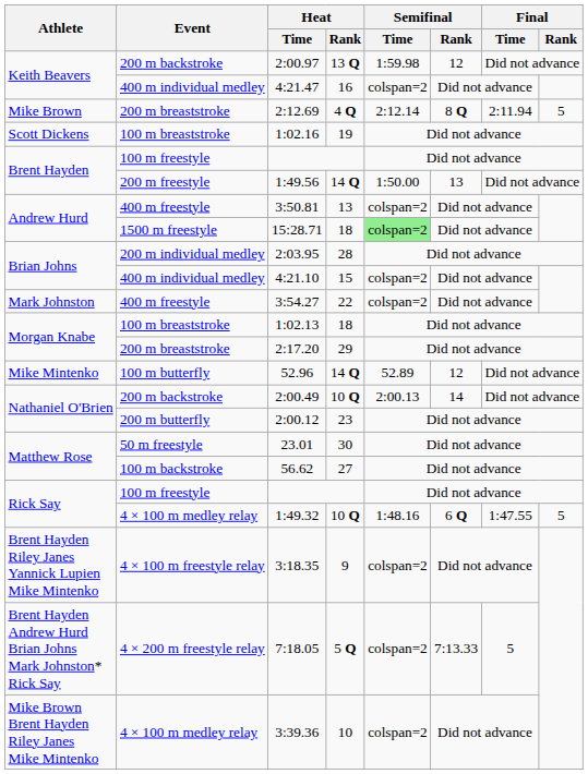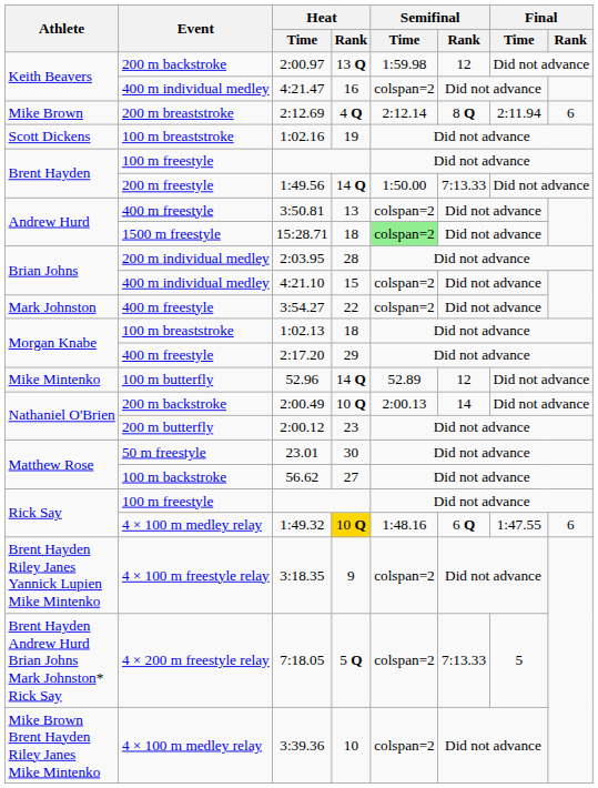 <table class=wikitable style="font-size:90%">
 <tr>
 <th rowspan=2>Athlete</th>
 <th rowspan=2>Event</th>
 <th colspan="2">Heat</th>
 <th colspan="2">Semifinal</th>
 <th colspan="2">Final</th>
 </tr>
 <tr style="font-size:95%">
 <th>Time</th>
 <th>Rank</th>
 <th>Time</th>
 <th>Rank</th>
 <th>Time</th>
 <th>Rank</th>
 </tr>
 <tr align=center>
 <td align=left rowspan=2><a href='#'>Keith Beavers</a></td>
 <td align=left><a href='#'>200 m backstroke</a></td>
 <td>2:00.97</td>
 <td>13 <strong>Q</strong></td>
 <td>1:59.98</td>
 <td>12</td>
 <td colspan=2>Did not advance</td>
 </tr>
 <tr align=center>
 <td align=left><a href='#'>400 m individual medley</a></td>
 <td>4:21.47</td>
 <td>16</td>
 <td>colspan=2 </td>
 <td colspan=2>Did not advance</td>
 </tr>
 <tr align=center>
 <td align=left><a href='#'>Mike Brown</a></td>
 <td align=left><a href='#'>200 m breaststroke</a></td>
 <td>2:12.69</td>
 <td>4 <strong>Q</strong></td>
 <td>2:12.14</td>
 <td>8 <strong>Q</strong></td>
 <td>2:11.94</td>
-<td>5</td>
+<td>6</td>
 </tr>
 <tr align=center>
 <td align=left><a href='#'>Scott Dickens</a></td>
 <td align=left><a href='#'>100 m breaststroke</a></td>
 <td>1:02.16</td>
 <td>19</td>
 <td colspan=4>Did not advance</td>
 </tr>
 <tr align=center>
 <td align=left rowspan=2><a href='#'>Brent Hayden</a></td>
 <td align=left><a href='#'>100 m freestyle</a></td>
 <td colspan=2></td>
 <td colspan=4>Did not advance</td>
 </tr>
 <tr align=center>
 <td align=left><a href='#'>200 m freestyle</a></td>
 <td>1:49.56</td>
 <td>14 <strong>Q</strong></td>
 <td>1:50.00</td>
-<td>13</td>
+<td>7:13.33</td>
 <td colspan=2>Did not advance</td>
 </tr>
 <tr align=center>
 <td align=left rowspan=2><a href='#'>Andrew Hurd</a></td>
 <td align=left><a href='#'>400 m freestyle</a></td>
 <td>3:50.81</td>
 <td>13</td>
 <td>colspan=2 </td>
 <td colspan=2>Did not advance</td>
 </tr>
 <tr align=center>
 <td align=left><a href='#'>1500 m freestyle</a></td>
 <td>15:28.71</td>
 <td>18</td>
 <td style="background: lightgreen;">colspan=2 </td>
 <td colspan=2>Did not advance</td>
 </tr>
 <tr align=center>
 <td align=left rowspan=2><a href='#'>Brian Johns</a></td>
 <td align=left><a href='#'>200 m individual medley</a></td>
 <td>2:03.95</td>
 <td>28</td>
 <td colspan=4>Did not advance</td>
 </tr>
 <tr align=center>
 <td align=left><a href='#'>400 m individual medley</a></td>
 <td>4:21.10</td>
 <td>15</td>
 <td>colspan=2 </td>
 <td colspan=2>Did not advance</td>
 </tr>
 <tr align=center>
 <td align=left><a href='#'>Mark Johnston</a></td>
 <td align=left><a href='#'>400 m freestyle</a></td>
 <td>3:54.27</td>
 <td>22</td>
 <td>colspan=2 </td>
 <td colspan=2>Did not advance</td>
 </tr>
 <tr align=center>
 <td align=left rowspan=2><a href='#'>Morgan Knabe</a></td>
 <td align=left><a href='#'>100 m breaststroke</a></td>
 <td>1:02.13</td>
 <td>18</td>
 <td colspan=4>Did not advance</td>
 </tr>
 <tr align=center>
-<td align=left><a href='#'>200 m breaststroke</a></td>
+<td align=left><a href='#'>400 m freestyle</a></td>
 <td>2:17.20</td>
 <td>29</td>
 <td colspan=4>Did not advance</td>
 </tr>
 <tr align=center>
 <td align=left><a href='#'>Mike Mintenko</a></td>
 <td align=left><a href='#'>100 m butterfly</a></td>
 <td>52.96</td>
 <td>14 <strong>Q</strong></td>
 <td>52.89</td>
 <td>12</td>
 <td colspan=2>Did not advance</td>
 </tr>
 <tr align=center>
 <td align=left rowspan=2><a href='#'>Nathaniel O'Brien</a></td>
 <td align=left><a href='#'>200 m backstroke</a></td>
 <td>2:00.49</td>
 <td>10 <strong>Q</strong></td>
 <td>2:00.13</td>
 <td>14</td>
 <td colspan=2>Did not advance</td>
 </tr>
 <tr align=center>
 <td align=left><a href='#'>200 m butterfly</a></td>
 <td>2:00.12</td>
 <td>23</td>
 <td colspan=4>Did not advance</td>
 </tr>
 <tr align=center>
 <td align=left rowspan=2><a href='#'>Matthew Rose</a></td>
 <td align=left><a href='#'>50 m freestyle</a></td>
 <td>23.01</td>
 <td>30</td>
 <td colspan=4>Did not advance</td>
 </tr>
 <tr align=center>
 <td align=left><a href='#'>100 m backstroke</a></td>
 <td>56.62</td>
 <td>27</td>
 <td colspan=4>Did not advance</td>
 </tr>
 <tr align=center>
 <td align=left rowspan=2><a href='#'>Rick Say</a></td>
 <td align=left><a href='#'>100 m freestyle</a></td>
 <td colspan=2></td>
 <td colspan=4>Did not advance</td>
 </tr>
 <tr align=center>
 <td align=left><a href='#'>4 × 100 m medley relay</a></td>
 <td>1:49.32</td>
-<td>10 <strong>Q</strong></td>
+<td style="background: gold;">10 <strong>Q</strong></td>
 <td>1:48.16</td>
 <td>6 <strong>Q</strong></td>
 <td>1:47.55</td>
-<td>5</td>
+<td>6</td>
 </tr>
 <tr align=center>
 <td align=left><a href='#'>Brent Hayden</a><br><a href='#'>Riley Janes</a><br><a href='#'>Yannick Lupien</a><br><a href='#'>Mike Mintenko</a></td>
 <td align=left><a href='#'>4 × 100 m freestyle relay</a></td>
 <td>3:18.35</td>
 <td>9</td>
 <td>colspan=2 </td>
 <td colspan=2>Did not advance</td>
 </tr>
 <tr align=center>
 <td align=left><a href='#'>Brent Hayden</a><br><a href='#'>Andrew Hurd</a><br><a href='#'>Brian Johns</a><br><a href='#'>Mark Johnston</a>*<br><a href='#'>Rick Say</a></td>
 <td align=left><a href='#'>4 × 200 m freestyle relay</a></td>
 <td>7:18.05</td>
 <td>5 <strong>Q</strong></td>
 <td>colspan=2 </td>
 <td>7:13.33</td>
 <td>5</td>
 </tr>
 <tr align=center>
 <td align=left><a href='#'>Mike Brown</a><br><a href='#'>Brent Hayden</a><br><a href='#'>Riley Janes</a><br><a href='#'>Mike Mintenko</a></td>
 <td align=left><a href='#'>4 × 100 m medley relay</a></td>
 <td>3:39.36</td>
 <td>10</td>
 <td>colspan=2 </td>
 <td colspan=2>Did not advance</td>
 </tr>
 </table>
